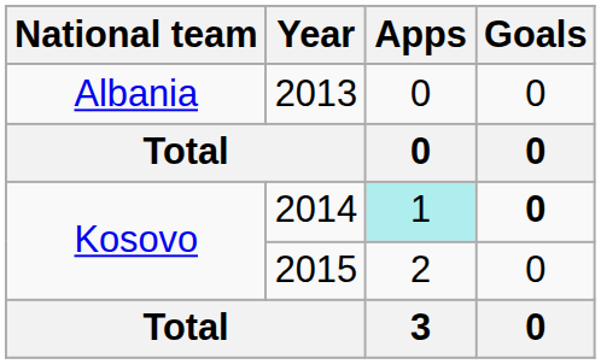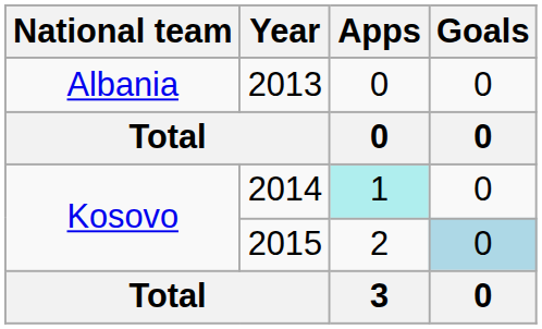 <table class="wikitable" style="text-align:center">
 <tr>
 <th>National team</th>
 <th>Year</th>
 <th>Apps</th>
 <th>Goals</th>
 </tr>
 <tr>
 <td><a href='#'>Albania</a></td>
 <td>2013</td>
 <td>0</td>
 <td>0</td>
 </tr>
 <tr>
 <th colspan="2">Total</th>
 <th>0</th>
 <th>0</th>
 </tr>
 <tr>
 <td rowspan="2"><a href='#'>Kosovo</a></td>
 <td>2014</td>
 <td style="background: paleturquoise;">1</td>
-<td><strong>0</strong></td>
+<td>0</td>
 </tr>
 <tr>
 <td>2015</td>
 <td>2</td>
-<td>0</td>
+<td style="background: lightblue;">0</td>
 </tr>
 <tr>
 <th colspan="2">Total</th>
 <th>3</th>
 <th>0</th>
 </tr>
 </table>
